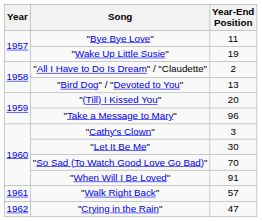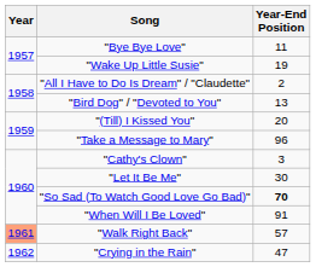 <table class="wikitable plainrowheaders" style="text-align:center;" border="1">
 <tr>
 <th>Year</th>
 <th>Song</th>
 <th>Year-End<br>Position</th>
 </tr>
 <tr>
 <td scope="row" rowspan="2"><a href='#'>1957</a></td>
 <td>"<a href='#'>Bye Bye Love</a>"</td>
 <td>11</td>
 </tr>
 <tr>
 <td>"<a href='#'>Wake Up Little Susie</a>"</td>
 <td>19</td>
 </tr>
 <tr>
 <td scope="row" rowspan="2"><a href='#'>1958</a></td>
 <td>"<a href='#'>All I Have to Do Is Dream</a>" / "Claudette"</td>
 <td>2</td>
 </tr>
 <tr>
 <td>"<a href='#'>Bird Dog</a>" / "<a href='#'>Devoted to You</a>"</td>
 <td>13</td>
 </tr>
 <tr>
 <td scope="row" rowspan="2"><a href='#'>1959</a></td>
 <td>"<a href='#'>(Till) I Kissed You</a>"</td>
 <td>20</td>
 </tr>
 <tr>
 <td>"<a href='#'>Take a Message to Mary</a>"</td>
 <td>96</td>
 </tr>
 <tr>
 <td scope="row" rowspan="4"><a href='#'>1960</a></td>
 <td>"<a href='#'>Cathy's Clown</a>"</td>
 <td>3</td>
 </tr>
 <tr>
 <td>"<a href='#'>Let It Be Me</a>"</td>
 <td>30</td>
 </tr>
 <tr>
 <td>"<a href='#'>So Sad (To Watch Good Love Go Bad)</a>"</td>
-<td>70</td>
+<td><strong>70</strong></td>
 </tr>
 <tr>
 <td>"<a href='#'>When Will I Be Loved</a>"</td>
 <td>91</td>
 </tr>
 <tr>
-<td scope="row"><a href='#'>1961</a></td>
+<td scope="row" style="background: lightsalmon;"><a href='#'>1961</a></td>
 <td>"<a href='#'>Walk Right Back</a>"</td>
 <td>57</td>
 </tr>
 <tr>
 <td scope="row"><a href='#'>1962</a></td>
 <td>"<a href='#'>Crying in the Rain</a>"</td>
 <td>47</td>
 </tr>
 </table>
